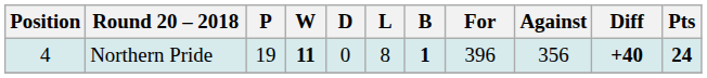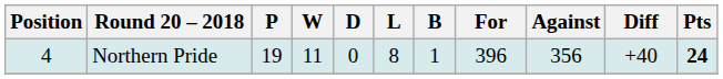 <table class="wikitable" style="text-align:center; font-size:85%;">
 <tr style="background: #d7ebed;">
 <th width="40" abbr="Position">Position</th>
 <th width="100">Round 20 – 2018</th>
 <th width="20" abbr="Played">P</th>
 <th width="20" abbr="Won">W</th>
 <th width="20" abbr="Drawn">D</th>
 <th width="20" abbr="Lost">L</th>
 <th width="20" abbr="Bye">B</th>
 <th width="40" abbr="Points for">For</th>
 <th width="40" abbr="Points against">Against</th>
 <th width="40" abbr="Points difference">Diff</th>
 <th width=20 abbr="Points">Pts</th>
 </tr>
 <tr style="background: #d7ebed;">
 <td>4</td>
 <td style="text-align:left;"> Northern Pride</td>
 <td>19</td>
-<td><strong>11</strong></td>
+<td>11</td>
 <td>0</td>
 <td>8</td>
-<td><strong>1</strong></td>
+<td>1</td>
 <td>396</td>
 <td>356</td>
-<td><strong>+40</strong></td>
+<td>+40</td>
 <td><strong>24</strong></td>
 </tr>
 <tr>
 </tr>
 </table>
